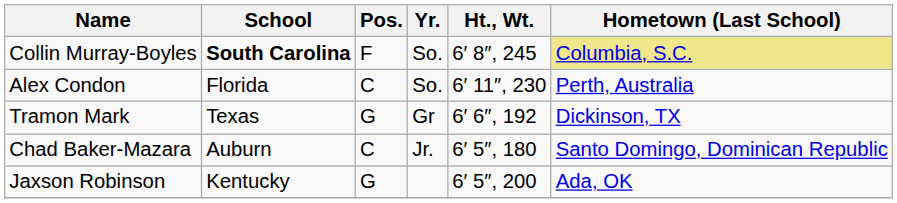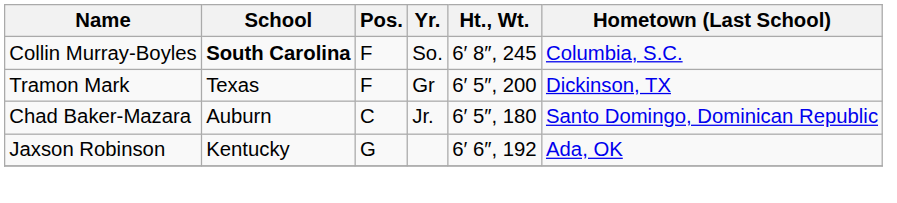 <table class="wikitable">
 <tr>
 <th>Name</th>
 <th>School</th>
 <th>Pos.</th>
 <th>Yr.</th>
 <th>Ht., Wt.</th>
 <th>Hometown (Last School)</th>
 </tr>
 <tr>
 <td>Collin Murray-Boyles</td>
 <td><strong>South Carolina</strong></td>
 <td>F</td>
 <td>So.</td>
 <td>6′ 8″, 245</td>
-<td style="background: khaki;"><a href='#'>Columbia, S.C.</a></td>
-</tr>
-<tr>
-<td>Alex Condon</td>
-<td>Florida</td>
-<td>C</td>
-<td>So.</td>
-<td>6′ 11″, 230</td>
-<td><a href='#'>Perth, Australia</a></td>
+<td><a href='#'>Columbia, S.C.</a></td>
 </tr>
 <tr>
 <td>Tramon Mark</td>
 <td>Texas</td>
-<td>G</td>
+<td>F</td>
 <td>Gr</td>
-<td>6′ 6″, 192</td>
+<td>6′ 5″, 200</td>
 <td><a href='#'>Dickinson, TX</a></td>
 </tr>
 <tr>
 <td>Chad Baker-Mazara</td>
 <td>Auburn</td>
 <td>C</td>
 <td>Jr.</td>
 <td>6′ 5″, 180</td>
 <td><a href='#'>Santo Domingo, Dominican Republic</a></td>
 </tr>
 <tr>
 <td>Jaxson Robinson</td>
 <td>Kentucky</td>
 <td>G</td>
 <td></td>
-<td>6′ 5″, 200</td>
+<td>6′ 6″, 192</td>
 <td><a href='#'>Ada, OK</a></td>
 </tr>
 <tr>
 </tr>
 </table>
